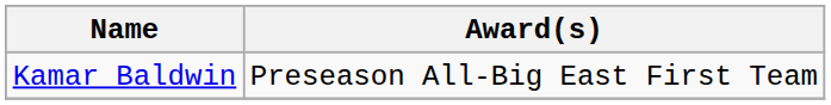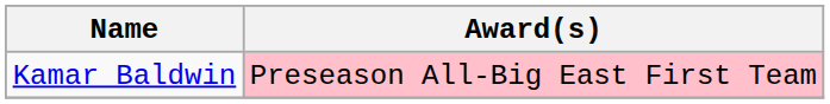 <table class="wikitable sortable" border="1">
 <tr>
 <th>Name</th>
 <th>Award(s)</th>
 </tr>
 <tr>
 <td><a href='#'>Kamar Baldwin</a></td>
-<td>Preseason All-Big East First Team</td>
+<td style="background: pink;">Preseason All-Big East First Team</td>
 </tr>
 <tr>
 </tr>
 </table>
